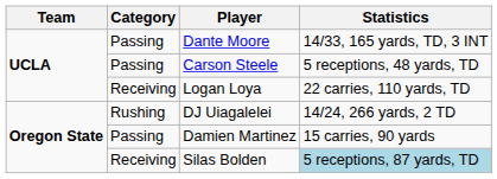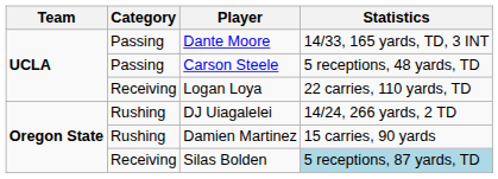 <table class="wikitable" style="float: right;">
 <tr>
 <th>Team</th>
 <th>Category</th>
 <th>Player</th>
 <th>Statistics</th>
 </tr>
 <tr>
 <td rowspan=3><strong>UCLA</strong></td>
 <td>Passing</td>
 <td><a href='#'>Dante Moore</a></td>
 <td>14/33, 165 yards, TD, 3 INT</td>
 </tr>
 <tr>
 <td>Passing</td>
 <td><a href='#'>Carson Steele</a></td>
 <td>5 receptions, 48 yards, TD</td>
 </tr>
 <tr>
 <td>Receiving</td>
 <td>Logan Loya</td>
 <td>22 carries, 110 yards, TD</td>
 </tr>
 <tr>
 <td rowspan=3><strong>Oregon State</strong></td>
 <td>Rushing</td>
 <td>DJ Uiagalelei</td>
 <td>14/24, 266 yards, 2 TD</td>
 </tr>
 <tr>
-<td>Passing</td>
+<td>Rushing</td>
 <td>Damien Martinez</td>
 <td>15 carries, 90 yards</td>
 </tr>
 <tr>
 <td>Receiving</td>
 <td>Silas Bolden</td>
 <td style="background: lightblue;">5 receptions, 87 yards, TD</td>
 </tr>
 </table>
